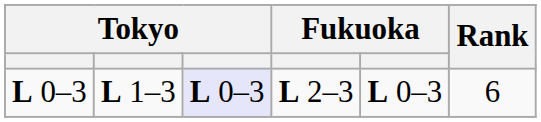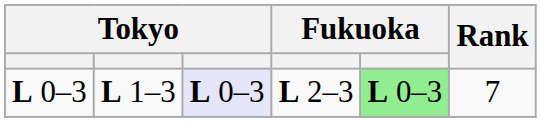 <table class="wikitable" style="font-size:100%;">
 <tr>
 <th colspan=3>Tokyo</th>
 <th colspan=2>Fukuoka</th>
 <th rowspan=2>Rank</th>
 </tr>
 <tr>
 <th></th>
 <th></th>
 <th></th>
 <th></th>
 <th></th>
 </tr>
 <tr align=center>
 <td><strong>L</strong> 0–3</td>
 <td><strong>L</strong> 1–3</td>
 <td style="background: lavender;"><strong>L</strong> 0–3</td>
 <td><strong>L</strong> 2–3</td>
-<td><strong>L</strong> 0–3</td>
-<td>6</td>
+<td style="background: lightgreen;"><strong>L</strong> 0–3</td>
+<td>7</td>
 </tr>
 </table>
